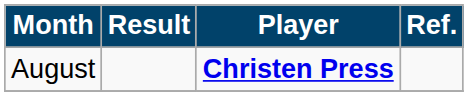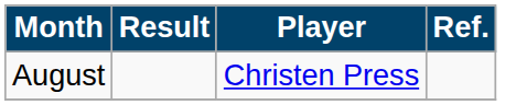 <table class=wikitable>
 <tr>
 <th style="background:#01426A; color:white;">Month</th>
 <th style="background:#01426A; color:white;">Result</th>
 <th style="background:#01426A; color:white;">Player</th>
 <th style="background:#01426A; color:white;">Ref.</th>
 </tr>
 <tr>
 <td>August</td>
 <td></td>
-<td><strong> <a href='#'>Christen Press</a></strong></td>
+<td> <a href='#'>Christen Press</a></td>
 <td></td>
 </tr>
 <tr>
 </tr>
 </table>
